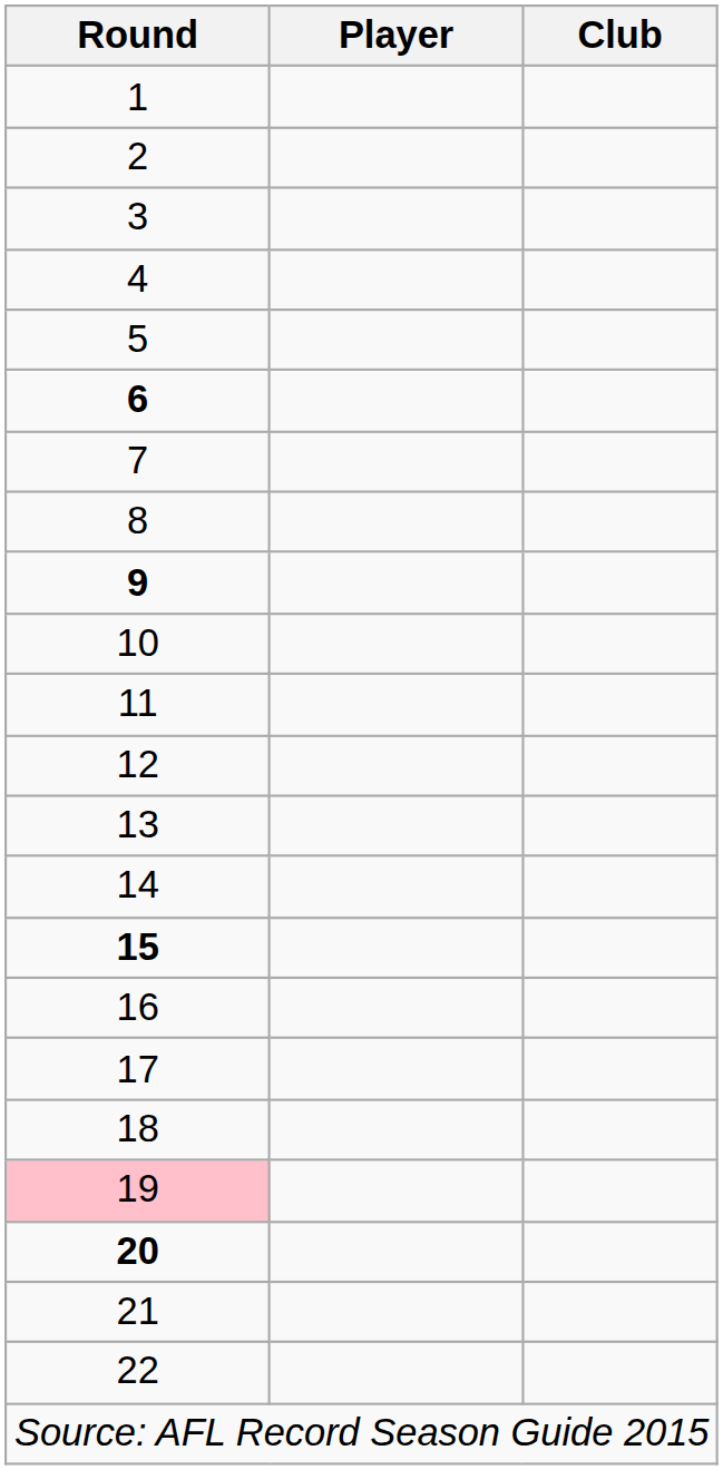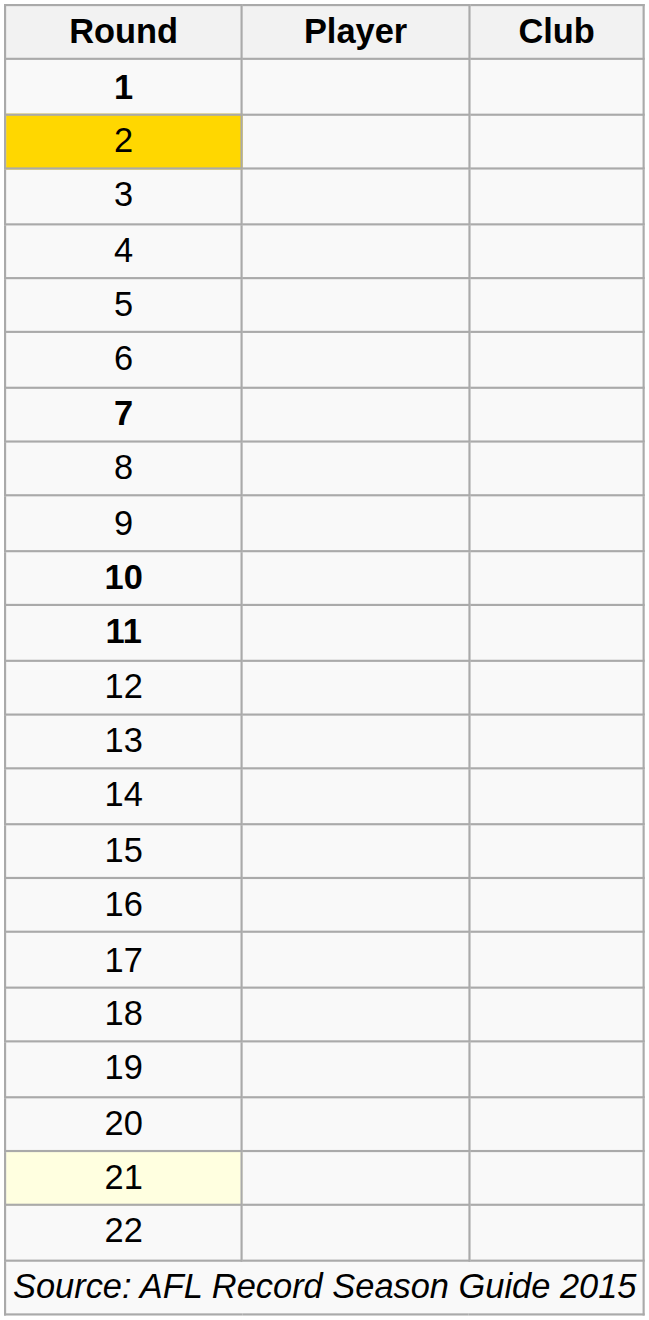 <table class="wikitable sortable" style="text-align:center">
 <tr>
 <th>Round</th>
 <th>Player</th>
 <th>Club</th>
 </tr>
 <tr>
-<td>1</td>
+<td><strong>1</strong></td>
 <td></td>
 <td></td>
 </tr>
 <tr>
-<td>2</td>
+<td style="background: gold;">2</td>
 <td><strong></strong></td>
 <td><strong></strong></td>
 </tr>
 <tr>
 <td>3</td>
 <td></td>
 <td></td>
 </tr>
 <tr>
 <td>4</td>
 <td></td>
 <td></td>
 </tr>
 <tr>
 <td>5</td>
 <td></td>
 <td></td>
 </tr>
 <tr>
-<td><strong>6</strong></td>
+<td>6</td>
 <td></td>
 <td></td>
 </tr>
 <tr>
-<td>7</td>
+<td><strong>7</strong></td>
 <td></td>
 <td></td>
 </tr>
 <tr>
 <td>8</td>
 <td></td>
 <td></td>
 </tr>
 <tr>
-<td><strong>9</strong></td>
+<td>9</td>
 <td></td>
 <td></td>
 </tr>
 <tr>
-<td>10</td>
+<td><strong>10</strong></td>
 <td></td>
 <td></td>
 </tr>
 <tr>
-<td>11</td>
+<td><strong>11</strong></td>
 <td></td>
 <td></td>
 </tr>
 <tr>
 <td>12</td>
 <td></td>
 <td></td>
 </tr>
 <tr>
 <td>13</td>
 <td></td>
 <td></td>
 </tr>
 <tr>
 <td>14</td>
 <td></td>
 <td></td>
 </tr>
 <tr>
-<td><strong>15</strong></td>
+<td>15</td>
 <td></td>
 <td></td>
 </tr>
 <tr>
 <td>16</td>
 <td></td>
 <td></td>
 </tr>
 <tr>
 <td>17</td>
 <td></td>
 <td></td>
 </tr>
 <tr>
 <td>18</td>
 <td></td>
 <td></td>
 </tr>
 <tr>
-<td style="background: pink;">19</td>
+<td>19</td>
 <td></td>
 <td></td>
 </tr>
 <tr>
-<td><strong>20</strong></td>
+<td>20</td>
 <td></td>
 <td></td>
 </tr>
 <tr>
-<td>21</td>
+<td style="background: lightyellow;">21</td>
 <td></td>
 <td></td>
 </tr>
 <tr>
 <td>22</td>
 <td></td>
 <td></td>
 </tr>
 <tr class="sortbottom">
 <td colspan=4><em>Source: AFL Record Season Guide 2015</em></td>
 </tr>
 </table>
